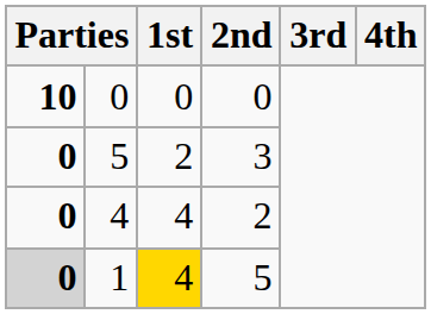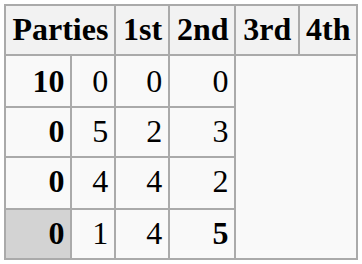 <table class="wikitable" style="text-align:right;">
 <tr>
 <th colspan=2 style="text-align:left;">Parties</th>
 <th>1st</th>
 <th>2nd</th>
 <th>3rd</th>
 <th>4th</th>
 </tr>
 <tr>
 <td><strong>10</strong></td>
 <td>0</td>
 <td>0</td>
 <td>0</td>
 </tr>
 <tr>
 <td><strong>0</strong></td>
 <td>5</td>
 <td>2</td>
 <td>3</td>
 </tr>
 <tr>
 <td><strong>0</strong></td>
 <td>4</td>
 <td>4</td>
 <td>2</td>
 </tr>
 <tr>
 <td style="background: lightgrey;"><strong>0</strong></td>
 <td>1</td>
-<td style="background: gold;">4</td>
-<td>5</td>
+<td>4</td>
+<td><strong>5</strong></td>
 </tr>
 </table>
